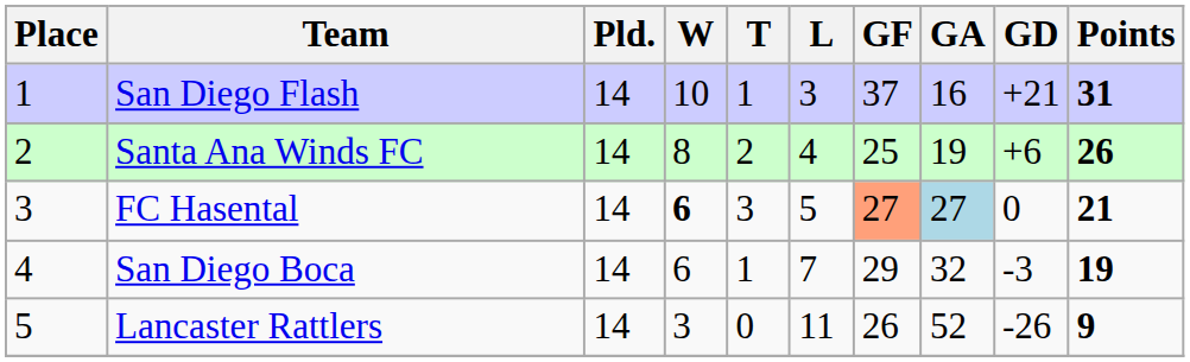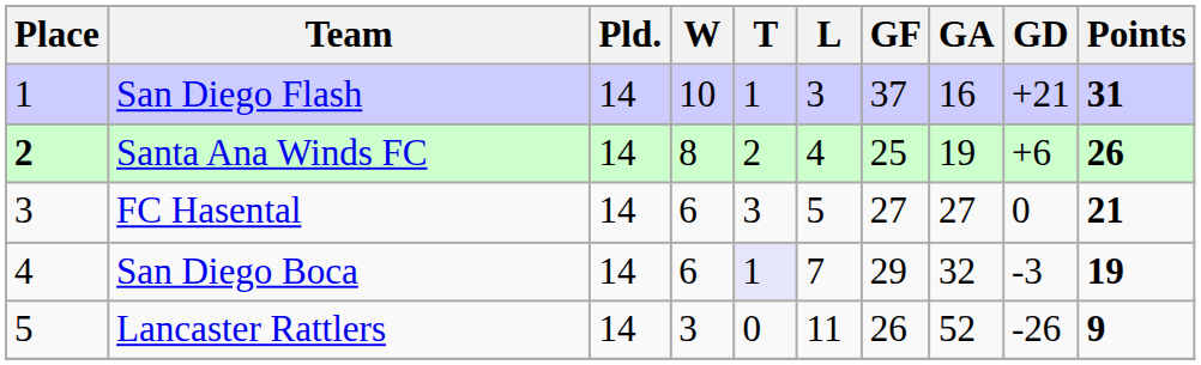 <table class="wikitable">
 <tr>
 <th>Place</th>
 <th width="200">Team</th>
 <th width="20">Pld.</th>
 <th width="20">W</th>
 <th width="20">T</th>
 <th width="20">L</th>
 <th width="20">GF</th>
 <th width="20">GA</th>
 <th width="25">GD</th>
 <th>Points</th>
 </tr>
 <tr bgcolor=#CCCCFF>
 <td>1</td>
 <td><a href='#'>San Diego Flash</a></td>
 <td>14</td>
 <td>10</td>
 <td>1</td>
 <td>3</td>
 <td>37</td>
 <td>16</td>
 <td>+21</td>
 <td><strong>31</strong></td>
 </tr>
 <tr bgcolor=#CCFFCC>
-<td>2</td>
+<td><strong>2</strong></td>
 <td><a href='#'>Santa Ana Winds FC</a></td>
 <td>14</td>
 <td>8</td>
 <td>2</td>
 <td>4</td>
 <td>25</td>
 <td>19</td>
 <td>+6</td>
 <td><strong>26</strong></td>
 </tr>
 <tr>
 <td>3</td>
 <td><a href='#'>FC Hasental</a></td>
 <td>14</td>
-<td><strong>6</strong></td>
+<td>6</td>
 <td>3</td>
 <td>5</td>
-<td style="background: lightsalmon;">27</td>
-<td style="background: lightblue;">27</td>
+<td>27</td>
+<td>27</td>
 <td>0</td>
 <td><strong>21</strong></td>
 </tr>
 <tr>
 <td>4</td>
 <td><a href='#'>San Diego Boca</a></td>
 <td>14</td>
 <td>6</td>
-<td>1</td>
+<td style="background: lavender;">1</td>
 <td>7</td>
 <td>29</td>
 <td>32</td>
 <td>-3</td>
 <td><strong>19</strong></td>
 </tr>
 <tr>
 <td>5</td>
 <td><a href='#'>Lancaster Rattlers</a></td>
 <td>14</td>
 <td>3</td>
 <td>0</td>
 <td>11</td>
 <td>26</td>
 <td>52</td>
 <td>-26</td>
 <td><strong>9</strong></td>
 </tr>
 <tr>
 </tr>
 </table>
